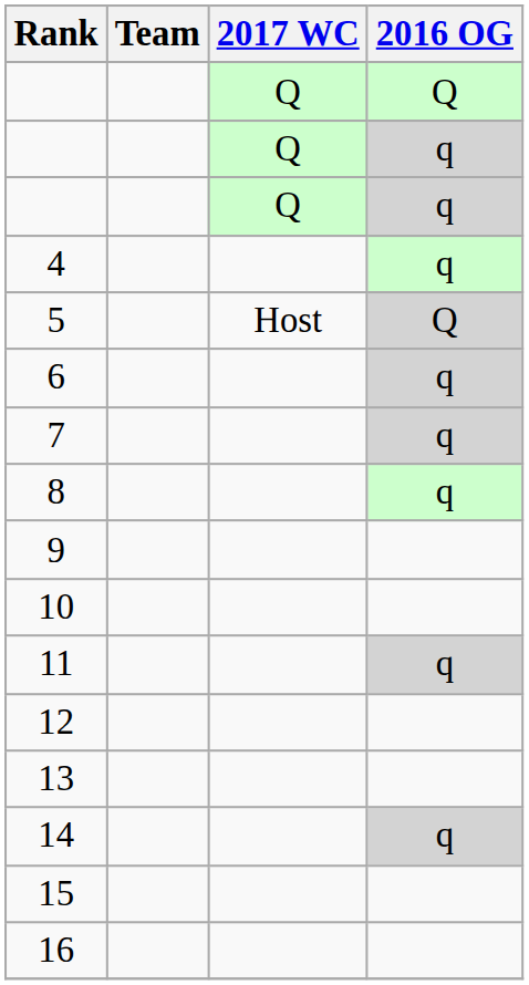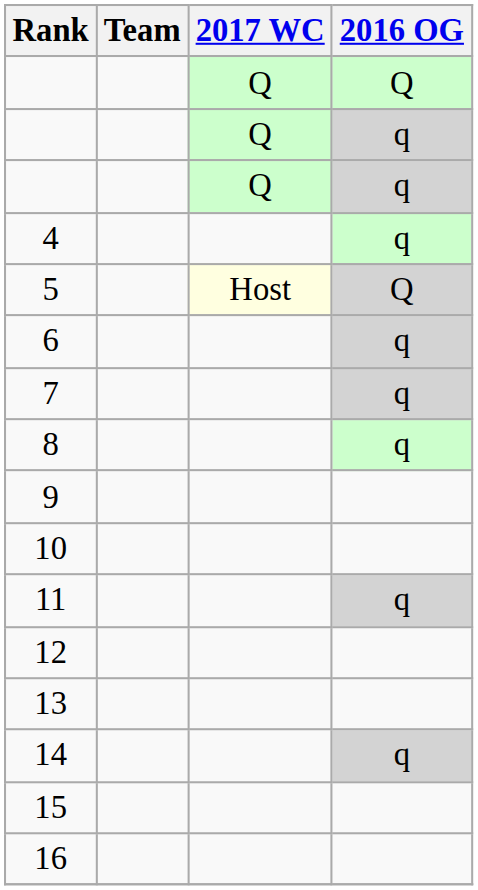 <table class="wikitable">
 <tr>
 <th>Rank</th>
 <th>Team</th>
 <th><a href='#'>2017 WC</a></th>
 <th><a href='#'>2016 OG</a></th>
 </tr>
 <tr>
 <td align=center></td>
 <td></td>
 <td align=center bgcolor=#CCFFCC>Q</td>
 <td align=center bgcolor=#CCFFCC>Q</td>
 </tr>
 <tr>
 <td align=center></td>
 <td></td>
 <td align=center bgcolor=#CCFFCC>Q</td>
 <td align=center bgcolor=lightgrey>q</td>
 </tr>
 <tr>
 <td align=center></td>
 <td></td>
 <td align=center bgcolor=#CCFFCC>Q</td>
 <td align=center style="background: lightgrey;">q</td>
 </tr>
 <tr>
 <td align=center>4</td>
 <td></td>
 <td></td>
 <td align=center style="background:#CCFFCC;">q</td>
 </tr>
 <tr>
 <td align=center>5</td>
 <td></td>
-<td align=center>Host</td>
+<td align=center style="background: lightyellow;">Host</td>
 <td align=center style="background: lightgrey;">Q</td>
 </tr>
 <tr>
 <td align=center>6</td>
 <td></td>
 <td></td>
 <td align=center style="background: lightgrey;">q</td>
 </tr>
 <tr>
 <td align=center>7</td>
 <td></td>
 <td></td>
 <td align=center style="background: lightgrey;">q</td>
 </tr>
 <tr>
 <td align=center>8</td>
 <td></td>
 <td></td>
 <td align=center style="background: #CCFFCC;">q</td>
 </tr>
 <tr>
 <td align=center>9</td>
 <td></td>
 <td></td>
 <td></td>
 </tr>
 <tr>
 <td align=center>10</td>
 <td></td>
 <td></td>
 <td></td>
 </tr>
 <tr>
 <td align=center>11</td>
 <td></td>
 <td></td>
 <td align=center style="background: lightgrey;">q</td>
 </tr>
 <tr>
 <td align=center>12</td>
 <td></td>
 <td></td>
 <td></td>
 </tr>
 <tr>
 <td align=center>13</td>
 <td></td>
 <td></td>
 <td></td>
 </tr>
 <tr>
 <td align=center>14</td>
 <td></td>
 <td></td>
 <td align=center style="background: lightgrey;">q</td>
 </tr>
 <tr>
 <td align=center>15</td>
 <td></td>
 <td></td>
 <td></td>
 </tr>
 <tr>
 <td align=center>16</td>
 <td></td>
 <td></td>
 <td></td>
 </tr>
 <tr>
 </tr>
 </table>
